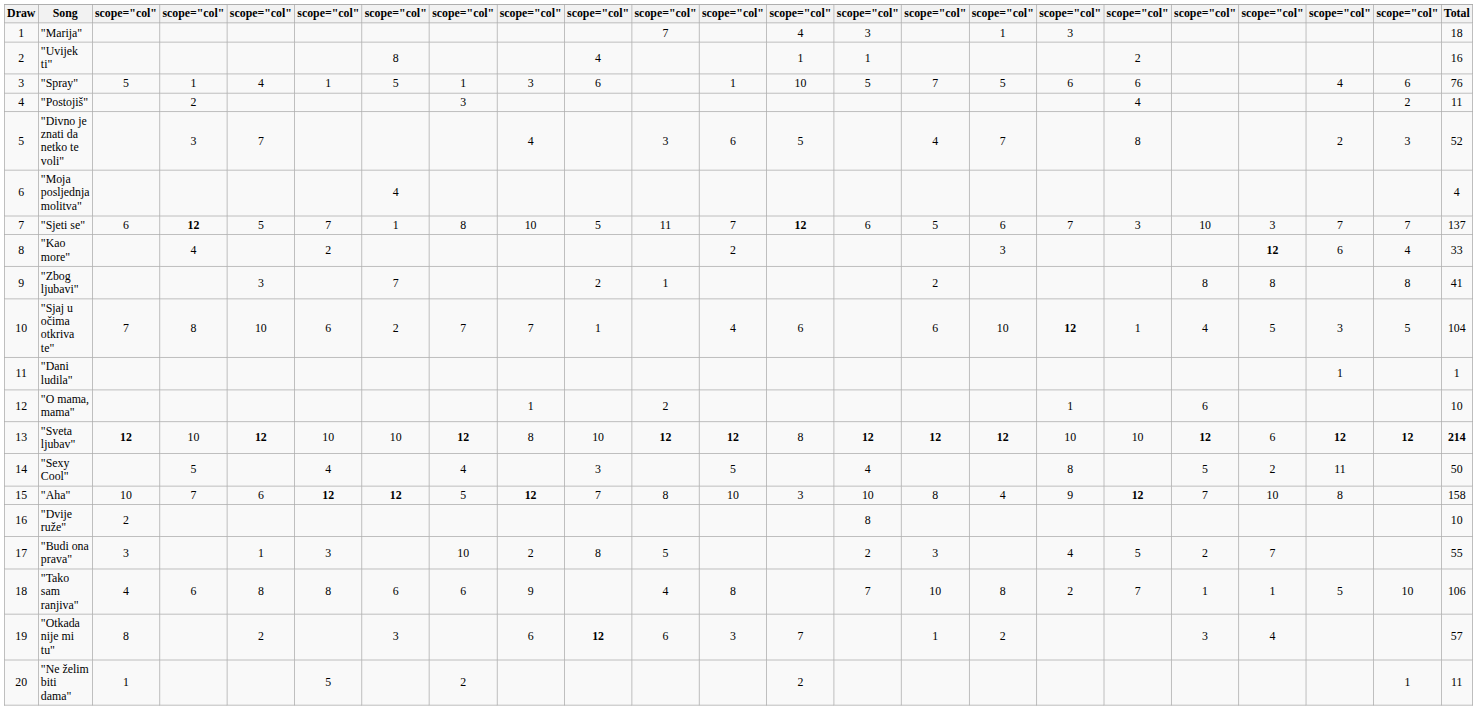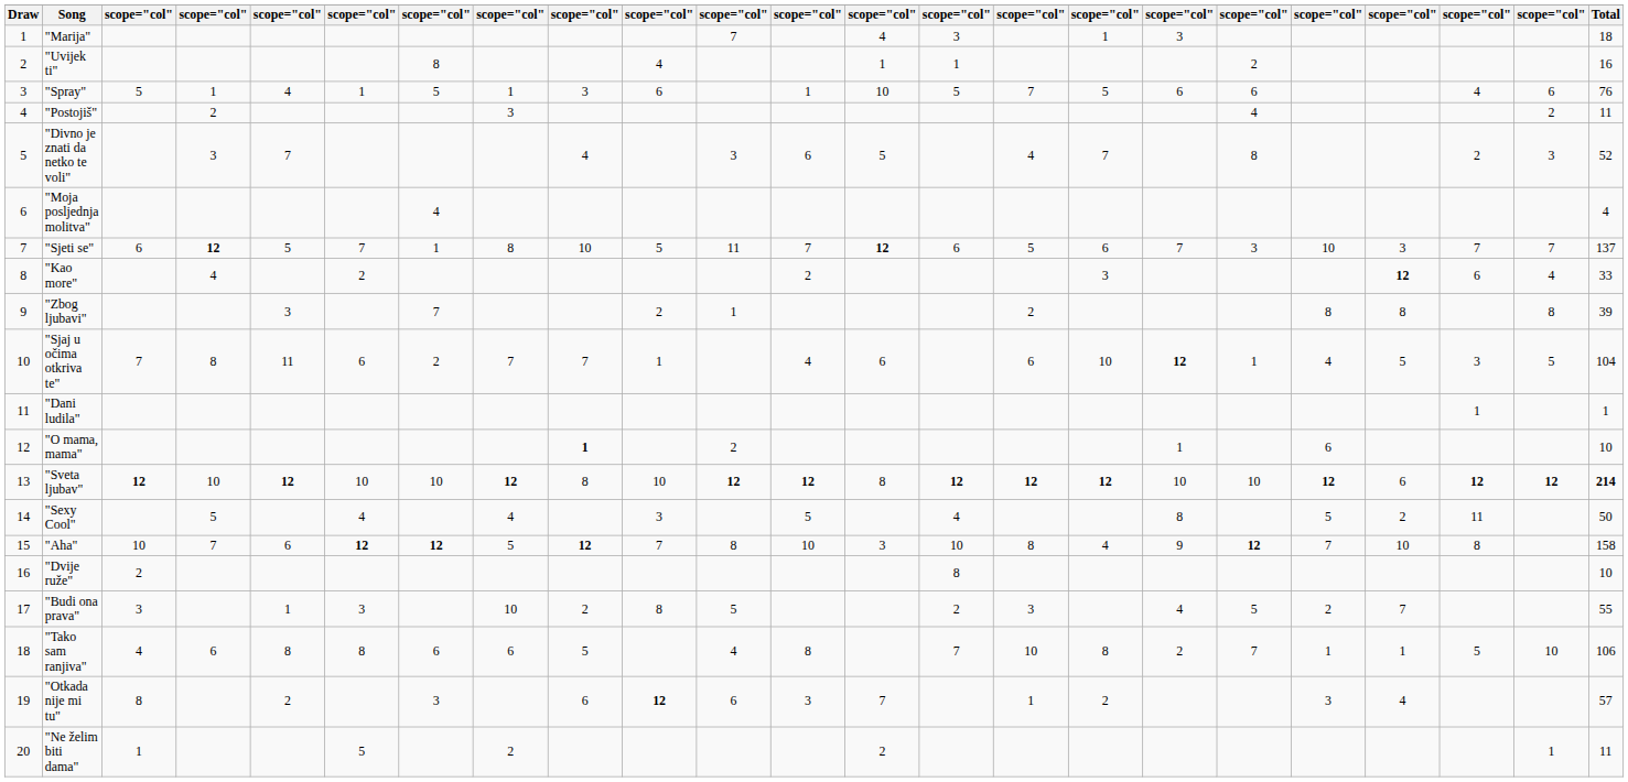 <table class="wikitable plainrowheaders" style="margin: 1em auto 1em auto; text-align:center;">
 <tr>
 </tr>
 <tr>
 <th scope="col">Draw</th>
 <th scope="col">Song</th>
 <th>scope="col" </th>
 <th>scope="col" </th>
 <th>scope="col" </th>
 <th>scope="col" </th>
 <th>scope="col" </th>
 <th>scope="col" </th>
 <th>scope="col" </th>
 <th>scope="col" </th>
 <th>scope="col" </th>
 <th>scope="col" </th>
 <th>scope="col" </th>
 <th>scope="col" </th>
 <th>scope="col" </th>
 <th>scope="col" </th>
 <th>scope="col" </th>
 <th>scope="col" </th>
 <th>scope="col" </th>
 <th>scope="col" </th>
 <th>scope="col" </th>
 <th>scope="col" </th>
 <th scope="col">Total</th>
 </tr>
 <tr>
 <td>1</td>
 <td align="left">"Marija"</td>
 <td></td>
 <td></td>
 <td></td>
 <td></td>
 <td></td>
 <td></td>
 <td></td>
 <td></td>
 <td>7</td>
 <td></td>
 <td>4</td>
 <td>3</td>
 <td></td>
 <td>1</td>
 <td>3</td>
 <td></td>
 <td></td>
 <td></td>
 <td></td>
 <td></td>
 <td>18</td>
 </tr>
 <tr>
 <td>2</td>
 <td align="left">"Uvijek ti"</td>
 <td></td>
 <td></td>
 <td></td>
 <td></td>
 <td>8</td>
 <td></td>
 <td></td>
 <td>4</td>
 <td></td>
 <td></td>
 <td>1</td>
 <td>1</td>
 <td></td>
 <td></td>
 <td></td>
 <td>2</td>
 <td></td>
 <td></td>
 <td></td>
 <td></td>
 <td>16</td>
 </tr>
 <tr>
 <td>3</td>
 <td align="left">"Spray"</td>
 <td>5</td>
 <td>1</td>
 <td>4</td>
 <td>1</td>
 <td>5</td>
 <td>1</td>
 <td>3</td>
 <td>6</td>
 <td></td>
 <td>1</td>
 <td>10</td>
 <td>5</td>
 <td>7</td>
 <td>5</td>
 <td>6</td>
 <td>6</td>
 <td></td>
 <td></td>
 <td>4</td>
 <td>6</td>
 <td>76</td>
 </tr>
 <tr>
 <td>4</td>
 <td align="left">"Postojiš"</td>
 <td></td>
 <td>2</td>
 <td></td>
 <td></td>
 <td></td>
 <td>3</td>
 <td></td>
 <td></td>
 <td></td>
 <td></td>
 <td></td>
 <td></td>
 <td></td>
 <td></td>
 <td></td>
 <td>4</td>
 <td></td>
 <td></td>
 <td></td>
 <td>2</td>
 <td>11</td>
 </tr>
 <tr>
 <td>5</td>
 <td align="left">"Divno je znati da netko te voli"</td>
 <td></td>
 <td>3</td>
 <td>7</td>
 <td></td>
 <td></td>
 <td></td>
 <td>4</td>
 <td></td>
 <td>3</td>
 <td>6</td>
 <td>5</td>
 <td></td>
 <td>4</td>
 <td>7</td>
 <td></td>
 <td>8</td>
 <td></td>
 <td></td>
 <td>2</td>
 <td>3</td>
 <td>52</td>
 </tr>
 <tr>
 <td>6</td>
 <td align="left">"Moja posljednja molitva"</td>
 <td></td>
 <td></td>
 <td></td>
 <td></td>
 <td>4</td>
 <td></td>
 <td></td>
 <td></td>
 <td></td>
 <td></td>
 <td></td>
 <td></td>
 <td></td>
 <td></td>
 <td></td>
 <td></td>
 <td></td>
 <td></td>
 <td></td>
 <td></td>
 <td>4</td>
 </tr>
 <tr>
 <td>7</td>
 <td align="left">"Sjeti se"</td>
 <td>6</td>
 <td><strong>12</strong></td>
 <td>5</td>
 <td>7</td>
 <td>1</td>
 <td>8</td>
 <td>10</td>
 <td>5</td>
 <td>11</td>
 <td>7</td>
 <td><strong>12</strong></td>
 <td>6</td>
 <td>5</td>
 <td>6</td>
 <td>7</td>
 <td>3</td>
 <td>10</td>
 <td>3</td>
 <td>7</td>
 <td>7</td>
 <td>137</td>
 </tr>
 <tr>
 <td>8</td>
 <td align="left">"Kao more"</td>
 <td></td>
 <td>4</td>
 <td></td>
 <td>2</td>
 <td></td>
 <td></td>
 <td></td>
 <td></td>
 <td></td>
 <td>2</td>
 <td></td>
 <td></td>
 <td></td>
 <td>3</td>
 <td></td>
 <td></td>
 <td></td>
 <td><strong>12</strong></td>
 <td>6</td>
 <td>4</td>
 <td>33</td>
 </tr>
 <tr>
 <td>9</td>
 <td align="left">"Zbog ljubavi"</td>
 <td></td>
 <td></td>
 <td>3</td>
 <td></td>
 <td>7</td>
 <td></td>
 <td></td>
 <td>2</td>
 <td>1</td>
 <td></td>
 <td></td>
 <td></td>
 <td>2</td>
 <td></td>
 <td></td>
 <td></td>
 <td>8</td>
 <td>8</td>
 <td></td>
 <td>8</td>
-<td>41</td>
+<td>39</td>
 </tr>
 <tr>
 <td>10</td>
 <td align="left">"Sjaj u očima otkriva te"</td>
 <td>7</td>
 <td>8</td>
-<td>10</td>
+<td>11</td>
 <td>6</td>
 <td>2</td>
 <td>7</td>
 <td>7</td>
 <td>1</td>
 <td></td>
 <td>4</td>
 <td>6</td>
 <td></td>
 <td>6</td>
 <td>10</td>
 <td><strong>12</strong></td>
 <td>1</td>
 <td>4</td>
 <td>5</td>
 <td>3</td>
 <td>5</td>
 <td>104</td>
 </tr>
 <tr>
 <td>11</td>
 <td align="left">"Dani ludila"</td>
 <td></td>
 <td></td>
 <td></td>
 <td></td>
 <td></td>
 <td></td>
 <td></td>
 <td></td>
 <td></td>
 <td></td>
 <td></td>
 <td></td>
 <td></td>
 <td></td>
 <td></td>
 <td></td>
 <td></td>
 <td></td>
 <td>1</td>
 <td></td>
 <td>1</td>
 </tr>
 <tr>
 <td>12</td>
 <td align="left">"O mama, mama"</td>
 <td></td>
 <td></td>
 <td></td>
 <td></td>
 <td></td>
 <td></td>
-<td>1</td>
+<td><strong>1</strong></td>
 <td></td>
 <td>2</td>
 <td></td>
 <td></td>
 <td></td>
 <td></td>
 <td></td>
 <td>1</td>
 <td></td>
 <td>6</td>
 <td></td>
 <td></td>
 <td></td>
 <td>10</td>
 </tr>
 <tr>
 <td>13</td>
 <td align="left">"Sveta ljubav"</td>
 <td><strong>12</strong></td>
 <td>10</td>
 <td><strong>12</strong></td>
 <td>10</td>
 <td>10</td>
 <td><strong>12</strong></td>
 <td>8</td>
 <td>10</td>
 <td><strong>12</strong></td>
 <td><strong>12</strong></td>
 <td>8</td>
 <td><strong>12</strong></td>
 <td><strong>12</strong></td>
 <td><strong>12</strong></td>
 <td>10</td>
 <td>10</td>
 <td><strong>12</strong></td>
 <td>6</td>
 <td><strong>12</strong></td>
 <td><strong>12</strong></td>
 <td><strong>214</strong></td>
 </tr>
 <tr>
 <td>14</td>
 <td align="left">"Sexy Cool"</td>
 <td></td>
 <td>5</td>
 <td></td>
 <td>4</td>
 <td></td>
 <td>4</td>
 <td></td>
 <td>3</td>
 <td></td>
 <td>5</td>
 <td></td>
 <td>4</td>
 <td></td>
 <td></td>
 <td>8</td>
 <td></td>
 <td>5</td>
 <td>2</td>
 <td>11</td>
 <td></td>
 <td>50</td>
 </tr>
 <tr>
 <td>15</td>
 <td align="left">"Aha"</td>
 <td>10</td>
 <td>7</td>
 <td>6</td>
 <td><strong>12</strong></td>
 <td><strong>12</strong></td>
 <td>5</td>
 <td><strong>12</strong></td>
 <td>7</td>
 <td>8</td>
 <td>10</td>
 <td>3</td>
 <td>10</td>
 <td>8</td>
 <td>4</td>
 <td>9</td>
 <td><strong>12</strong></td>
 <td>7</td>
 <td>10</td>
 <td>8</td>
 <td></td>
 <td>158</td>
 </tr>
 <tr>
 <td>16</td>
 <td align="left">"Dvije ruže"</td>
 <td>2</td>
 <td></td>
 <td></td>
 <td></td>
 <td></td>
 <td></td>
 <td></td>
 <td></td>
 <td></td>
 <td></td>
 <td></td>
 <td>8</td>
 <td></td>
 <td></td>
 <td></td>
 <td></td>
 <td></td>
 <td></td>
 <td></td>
 <td></td>
 <td>10</td>
 </tr>
 <tr>
 <td>17</td>
 <td align="left">"Budi ona prava"</td>
 <td>3</td>
 <td></td>
 <td>1</td>
 <td>3</td>
 <td></td>
 <td>10</td>
 <td>2</td>
 <td>8</td>
 <td>5</td>
 <td></td>
 <td></td>
 <td>2</td>
 <td>3</td>
 <td></td>
 <td>4</td>
 <td>5</td>
 <td>2</td>
 <td>7</td>
 <td></td>
 <td></td>
 <td>55</td>
 </tr>
 <tr>
 <td>18</td>
 <td align="left">"Tako sam ranjiva"</td>
 <td>4</td>
 <td>6</td>
 <td>8</td>
 <td>8</td>
 <td>6</td>
 <td>6</td>
-<td>9</td>
+<td>5</td>
 <td></td>
 <td>4</td>
 <td>8</td>
 <td></td>
 <td>7</td>
 <td>10</td>
 <td>8</td>
 <td>2</td>
 <td>7</td>
 <td>1</td>
 <td>1</td>
 <td>5</td>
 <td>10</td>
 <td>106</td>
 </tr>
 <tr>
 <td>19</td>
 <td align="left">"Otkada nije mi tu"</td>
 <td>8</td>
 <td></td>
 <td>2</td>
 <td></td>
 <td>3</td>
 <td></td>
 <td>6</td>
 <td><strong>12</strong></td>
 <td>6</td>
 <td>3</td>
 <td>7</td>
 <td></td>
 <td>1</td>
 <td>2</td>
 <td></td>
 <td></td>
 <td>3</td>
 <td>4</td>
 <td></td>
 <td></td>
 <td>57</td>
 </tr>
 <tr>
 <td>20</td>
 <td align="left">"Ne želim biti dama"</td>
 <td>1</td>
 <td></td>
 <td></td>
 <td>5</td>
 <td></td>
 <td>2</td>
 <td></td>
 <td></td>
 <td></td>
 <td></td>
 <td>2</td>
 <td></td>
 <td></td>
 <td></td>
 <td></td>
 <td></td>
 <td></td>
 <td></td>
 <td></td>
 <td>1</td>
 <td>11</td>
 </tr>
 </table>
